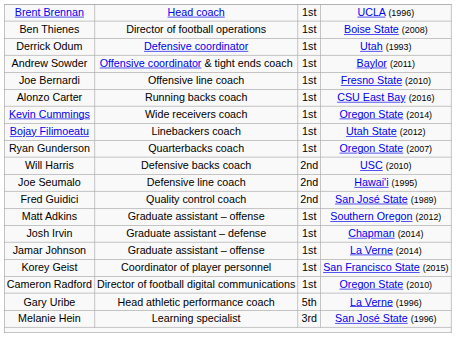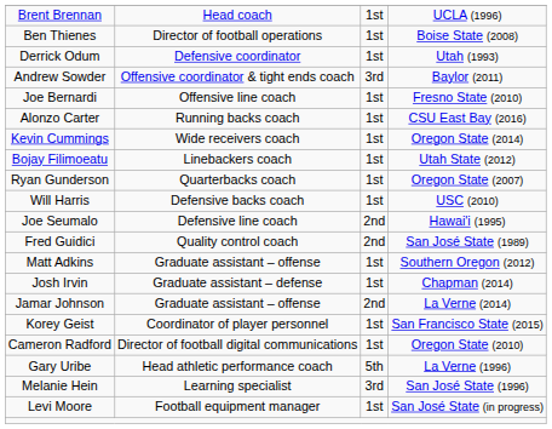 <table class="wikitable" style="text-align:center;">
 <tr>
 </tr>
 <tr style="text-align:center;">
 <td><a href='#'>Brent Brennan</a></td>
 <td><a href='#'>Head coach</a></td>
 <td align=center>1st</td>
 <td><a href='#'>UCLA</a> <small>(1996)</small></td>
 </tr>
 <tr>
 <td>Ben Thienes</td>
 <td>Director of football operations</td>
 <td align=center>1st</td>
 <td><a href='#'>Boise State</a> <small>(2008)</small></td>
 </tr>
 <tr>
 <td>Derrick Odum</td>
 <td><a href='#'>Defensive coordinator</a></td>
 <td align=center>1st</td>
 <td><a href='#'>Utah</a> <small>(1993)</small></td>
 </tr>
 <tr>
 <td>Andrew Sowder</td>
 <td><a href='#'>Offensive coordinator</a> & tight ends coach</td>
-<td align=center>1st</td>
+<td align=center>3rd</td>
 <td><a href='#'>Baylor</a> <small>(2011)</small></td>
 </tr>
 <tr>
 <td>Joe Bernardi</td>
 <td>Offensive line coach</td>
 <td align=center>1st</td>
 <td><a href='#'>Fresno State</a> <small>(2010)</small></td>
 </tr>
 <tr>
 <td>Alonzo Carter</td>
 <td>Running backs coach</td>
 <td align=center>1st</td>
 <td><a href='#'>CSU East Bay</a> <small>(2016)</small></td>
 </tr>
 <tr>
 <td><a href='#'>Kevin Cummings</a></td>
 <td>Wide receivers coach</td>
 <td align=center>1st</td>
 <td><a href='#'>Oregon State</a> <small>(2014)</small></td>
 </tr>
 <tr>
 <td><a href='#'>Bojay Filimoeatu</a></td>
 <td>Linebackers coach</td>
 <td align=center>1st</td>
 <td><a href='#'>Utah State</a> <small>(2012)</small></td>
 </tr>
 <tr>
 <td>Ryan Gunderson</td>
 <td>Quarterbacks coach</td>
 <td align=center>1st</td>
 <td><a href='#'>Oregon State</a> <small>(2007)</small></td>
 </tr>
 <tr>
 <td>Will Harris</td>
 <td>Defensive backs coach</td>
-<td align=center>2nd</td>
+<td align=center>1st</td>
 <td><a href='#'>USC</a> <small>(2010)</small></td>
 </tr>
 <tr>
 <td>Joe Seumalo</td>
 <td>Defensive line coach</td>
 <td align=center>2nd</td>
 <td><a href='#'>Hawai'i</a> <small>(1995)</small></td>
 </tr>
 <tr>
 <td>Fred Guidici</td>
 <td>Quality control coach</td>
 <td align=center>2nd</td>
 <td><a href='#'>San José State</a> <small>(1989)</small></td>
 </tr>
 <tr>
 <td>Matt Adkins</td>
 <td>Graduate assistant – offense</td>
 <td align=center>1st</td>
 <td><a href='#'>Southern Oregon</a> <small>(2012)</small></td>
 </tr>
 <tr>
 <td>Josh Irvin</td>
 <td>Graduate assistant – defense</td>
 <td align=center>1st</td>
 <td><a href='#'>Chapman</a> <small>(2014)</small></td>
 </tr>
 <tr>
 <td>Jamar Johnson</td>
 <td>Graduate assistant – offense</td>
-<td align=center>1st</td>
+<td align=center>2nd</td>
 <td><a href='#'>La Verne</a> <small>(2014)</small></td>
 </tr>
 <tr>
 <td>Korey Geist</td>
 <td>Coordinator of player personnel</td>
 <td align=center>1st</td>
 <td><a href='#'>San Francisco State</a> <small>(2015)</small></td>
 </tr>
 <tr>
 <td>Cameron Radford</td>
 <td>Director of football digital communications</td>
 <td align=center>1st</td>
 <td><a href='#'>Oregon State</a> <small>(2010)</small></td>
 </tr>
 <tr>
 <td>Gary Uribe</td>
 <td>Head athletic performance coach</td>
 <td align=center>5th</td>
 <td><a href='#'>La Verne</a> <small>(1996)</small></td>
 </tr>
 <tr>
 <td>Melanie Hein</td>
 <td>Learning specialist</td>
 <td align=center>3rd</td>
 <td><a href='#'>San José State</a> <small>(1996)</small></td>
 </tr>
 <tr>
+<td>Levi Moore</td>
+<td>Football equipment manager</td>
+<td align=center>1st</td>
+<td><a href='#'>San José State</a> <small>(in progress)</small></td>
+</tr>
+<tr>
 <td colspan="4"></td>
 </tr>
 </table>
